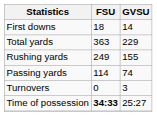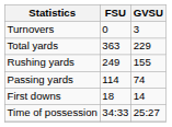 <table class="wikitable">
 <tr>
 <th>Statistics</th>
 <th>FSU</th>
 <th>GVSU</th>
 </tr>
 <tr>
-<td>First downs</td>
-<td>18</td>
-<td>14</td>
+<td>Turnovers</td>
+<td>0</td>
+<td>3</td>
 </tr>
 <tr>
 <td>Total yards</td>
 <td>363</td>
 <td>229</td>
 </tr>
 <tr>
 <td>Rushing yards</td>
 <td>249</td>
 <td>155</td>
 </tr>
 <tr>
 <td>Passing yards</td>
 <td>114</td>
 <td>74</td>
 </tr>
 <tr>
-<td>Turnovers</td>
-<td>0</td>
-<td>3</td>
+<td>First downs</td>
+<td>18</td>
+<td>14</td>
 </tr>
 <tr>
 <td>Time of possession</td>
-<td><strong>34:33</strong></td>
+<td>34:33</td>
 <td>25:27</td>
 </tr>
 <tr>
 </tr>
 </table>
